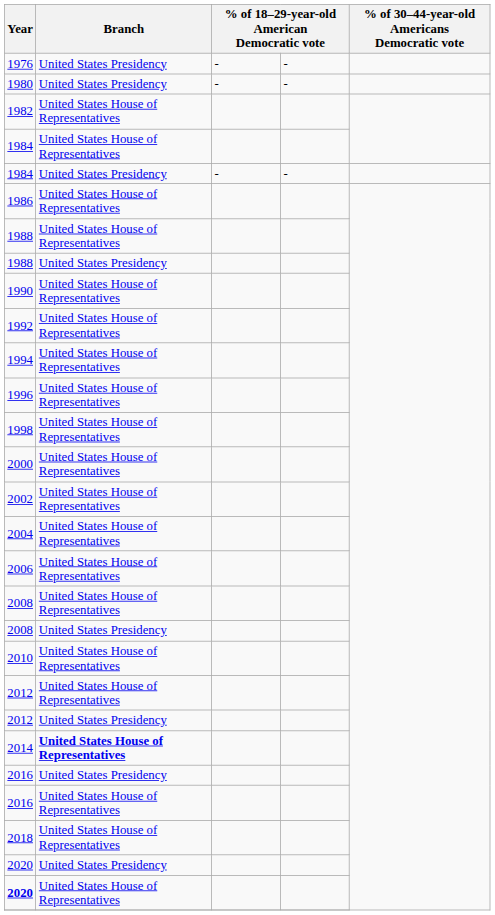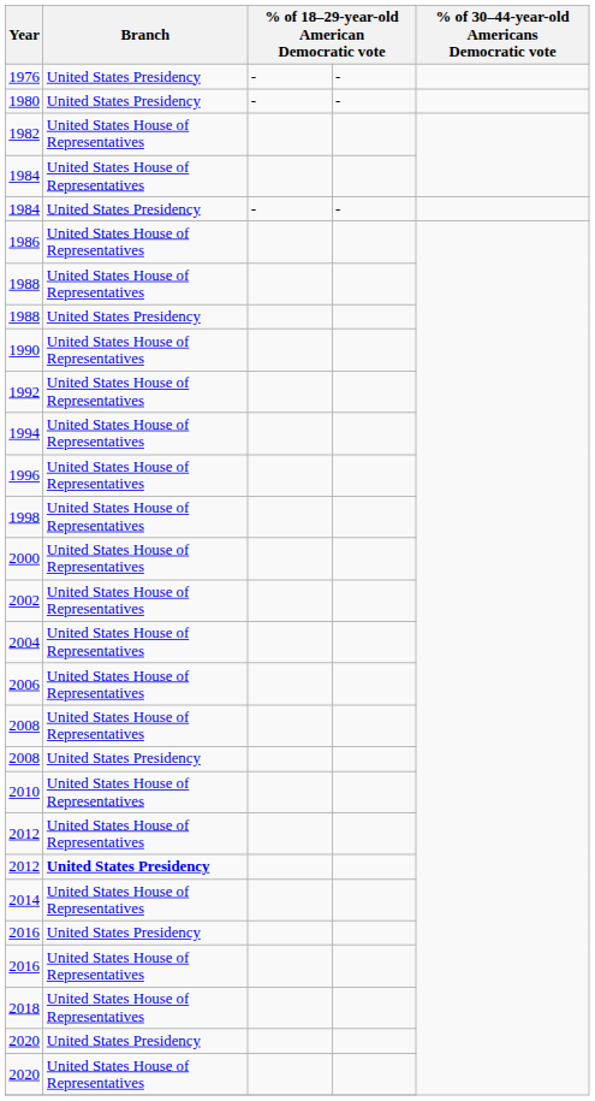 <table class="wikitable sortable collapsible">
 <tr>
 <th>Year</th>
 <th>Branch</th>
 <th colspan="2">% of 18–29-year-old American<br>Democratic vote</th>
 <th colspan="2">% of 30–44-year-old Americans<br>Democratic vote</th>
 </tr>
 <tr>
 <td><a href='#'>1976</a></td>
 <td><a href='#'>United States Presidency</a></td>
 <td>-</td>
 <td>-</td>
 <td align=right></td>
 </tr>
 <tr>
 <td><a href='#'>1980</a></td>
 <td><a href='#'>United States Presidency</a></td>
 <td>-</td>
 <td>-</td>
 <td align=right></td>
 </tr>
 <tr>
 <td><a href='#'>1982</a></td>
 <td><a href='#'>United States House of Representatives</a></td>
 <td align=right></td>
 <td align=right></td>
 </tr>
 <tr>
 <td><a href='#'>1984</a></td>
 <td><a href='#'>United States House of Representatives</a></td>
 <td align=right></td>
 <td align=right></td>
 </tr>
 <tr>
 <td><a href='#'>1984</a></td>
 <td><a href='#'>United States Presidency</a></td>
 <td>-</td>
 <td>-</td>
 <td align=right></td>
 </tr>
 <tr>
 <td><a href='#'>1986</a></td>
 <td><a href='#'>United States House of Representatives</a></td>
 <td align=right></td>
 <td align=right></td>
 </tr>
 <tr>
 <td><a href='#'>1988</a></td>
 <td><a href='#'>United States House of Representatives</a></td>
 <td align=right></td>
 <td align=right></td>
 </tr>
 <tr>
 <td><a href='#'>1988</a></td>
 <td><a href='#'>United States Presidency</a></td>
 <td align=right></td>
 <td align=right></td>
 </tr>
 <tr>
 <td><a href='#'>1990</a></td>
 <td><a href='#'>United States House of Representatives</a></td>
 <td align=right></td>
 <td align=right></td>
 </tr>
 <tr>
 <td><a href='#'>1992</a></td>
 <td><a href='#'>United States House of Representatives</a></td>
 <td align=right></td>
 <td align=right></td>
 </tr>
 <tr>
 <td><a href='#'>1994</a></td>
 <td><a href='#'>United States House of Representatives</a></td>
 <td align=right></td>
 <td align=right></td>
 </tr>
 <tr>
 <td><a href='#'>1996</a></td>
 <td><a href='#'>United States House of Representatives</a></td>
 <td align=right></td>
 <td align=right></td>
 </tr>
 <tr>
 <td><a href='#'>1998</a></td>
 <td><a href='#'>United States House of Representatives</a></td>
 <td align=right></td>
 <td align=right></td>
 </tr>
 <tr>
 <td><a href='#'>2000</a></td>
 <td><a href='#'>United States House of Representatives</a></td>
 <td align=right></td>
 <td align=right></td>
 </tr>
 <tr>
 <td><a href='#'>2002</a></td>
 <td><a href='#'>United States House of Representatives</a></td>
 <td align=right></td>
 <td align=right></td>
 </tr>
 <tr>
 <td><a href='#'>2004</a></td>
 <td><a href='#'>United States House of Representatives</a></td>
 <td align=right></td>
 <td align=right></td>
 </tr>
 <tr>
 <td><a href='#'>2006</a></td>
 <td><a href='#'>United States House of Representatives</a></td>
 <td align=right></td>
 <td align=right></td>
 </tr>
 <tr>
 <td><a href='#'>2008</a></td>
 <td><a href='#'>United States House of Representatives</a></td>
 <td align=right></td>
 <td align=right></td>
 </tr>
 <tr>
 <td><a href='#'>2008</a></td>
 <td><a href='#'>United States Presidency</a></td>
 <td align=right></td>
 <td align=right></td>
 </tr>
 <tr>
 <td><a href='#'>2010</a></td>
 <td><a href='#'>United States House of Representatives</a></td>
 <td align=right></td>
 <td align=right></td>
 </tr>
 <tr>
 <td><a href='#'>2012</a></td>
 <td><a href='#'>United States House of Representatives</a></td>
 <td align=right></td>
 <td align=right></td>
 </tr>
 <tr>
 <td><a href='#'>2012</a></td>
-<td><a href='#'>United States Presidency</a></td>
+<td><strong><a href='#'>United States Presidency</a></strong></td>
 <td align=right></td>
 <td align=right></td>
 </tr>
 <tr>
 <td><a href='#'>2014</a></td>
-<td><strong><a href='#'>United States House of Representatives</a></strong></td>
+<td><a href='#'>United States House of Representatives</a></td>
 <td align=right></td>
 <td align=right></td>
 </tr>
 <tr>
 <td><a href='#'>2016</a></td>
 <td><a href='#'>United States Presidency</a></td>
 <td align=right></td>
 <td align=right></td>
 </tr>
 <tr>
 <td><a href='#'>2016</a></td>
 <td><a href='#'>United States House of Representatives</a></td>
 <td align=right></td>
 <td align=right></td>
 </tr>
 <tr>
 <td><a href='#'>2018</a></td>
 <td><a href='#'>United States House of Representatives</a></td>
 <td align=right></td>
 <td align=right></td>
 </tr>
 <tr>
 <td><a href='#'>2020</a></td>
 <td><a href='#'>United States Presidency</a></td>
 <td align=right></td>
 <td align=right></td>
 </tr>
 <tr>
-<td><strong><a href='#'>2020</a></strong></td>
+<td><a href='#'>2020</a></td>
 <td><a href='#'>United States House of Representatives</a></td>
 <td align=right></td>
 <td align=right></td>
 </tr>
 <tr>
 </tr>
 </table>
